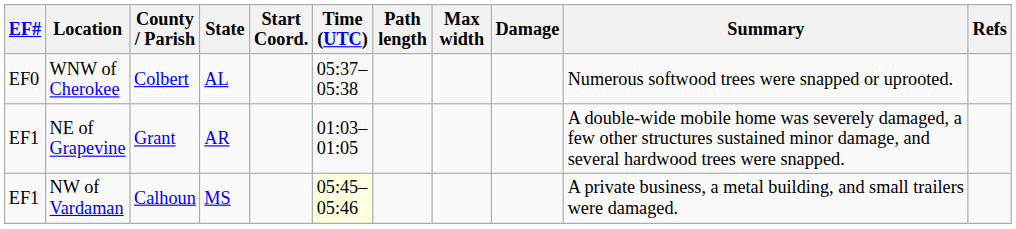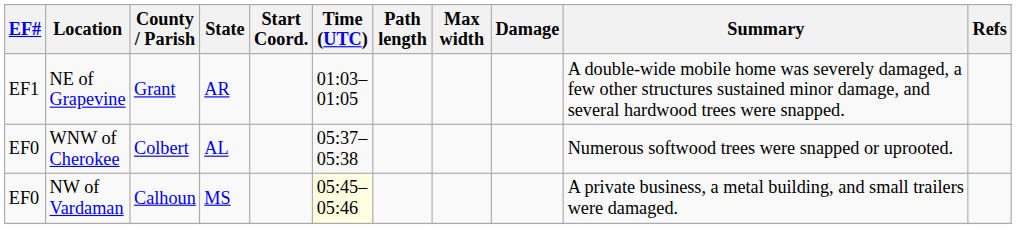 <table class="wikitable sortable" style="width:100%;">
 <tr>
 <th scope="col"  style="width:3%; text-align:center;"><a href='#'>EF#</a></th>
 <th scope="col"  style="width:7%; text-align:center;" class="unsortable">Location</th>
 <th scope="col"  style="width:6%; text-align:center;" class="unsortable">County / Parish</th>
 <th scope="col"  style="width:5%; text-align:center;">State</th>
 <th scope="col"  style="width:6%; text-align:center;">Start Coord.</th>
 <th scope="col"  style="width:6%; text-align:center;">Time (<a href='#'>UTC</a>)</th>
 <th scope="col"  style="width:6%; text-align:center;">Path length</th>
 <th scope="col"  style="width:6%; text-align:center;">Max width</th>
 <th scope="col"  style="width:6%; text-align:center;">Damage</th>
 <th scope="col" class="unsortable" style="width:48%; text-align:center;">Summary</th>
 <th scope="col" class="unsortable" style="width:48%; text-align:center;">Refs</th>
 </tr>
 <tr>
+<td>EF1</td>
+<td>NE of <a href='#'>Grapevine</a></td>
+<td><a href='#'>Grant</a></td>
+<td><a href='#'>AR</a></td>
+<td></td>
+<td>01:03–01:05</td>
+<td></td>
+<td></td>
+<td></td>
+<td>A double-wide mobile home was severely damaged, a few other structures sustained minor damage, and several hardwood trees were snapped.</td>
+<td></td>
+</tr>
+<tr>
 <td>EF0</td>
 <td>WNW of <a href='#'>Cherokee</a></td>
 <td><a href='#'>Colbert</a></td>
 <td><a href='#'>AL</a></td>
 <td></td>
 <td>05:37–05:38</td>
 <td></td>
 <td></td>
 <td></td>
 <td>Numerous softwood trees were snapped or uprooted.</td>
 <td></td>
 </tr>
 <tr>
-<td>EF1</td>
-<td>NE of <a href='#'>Grapevine</a></td>
-<td><a href='#'>Grant</a></td>
-<td><a href='#'>AR</a></td>
-<td></td>
-<td>01:03–01:05</td>
-<td></td>
-<td></td>
-<td></td>
-<td>A double-wide mobile home was severely damaged, a few other structures sustained minor damage, and several hardwood trees were snapped.</td>
-<td></td>
-</tr>
-<tr>
-<td>EF1</td>
+<td>EF0</td>
 <td>NW of <a href='#'>Vardaman</a></td>
 <td><a href='#'>Calhoun</a></td>
 <td><a href='#'>MS</a></td>
 <td></td>
 <td style="background: lightyellow;">05:45–05:46</td>
 <td></td>
 <td></td>
 <td></td>
 <td>A private business, a metal building, and small trailers were damaged.</td>
 <td></td>
 </tr>
 <tr>
 </tr>
 </table>
